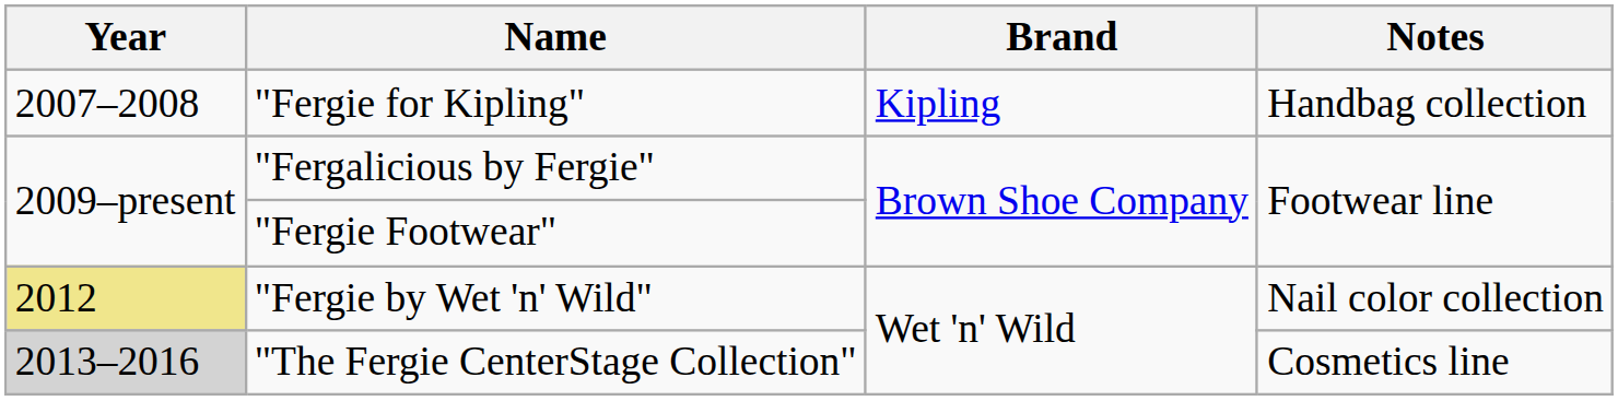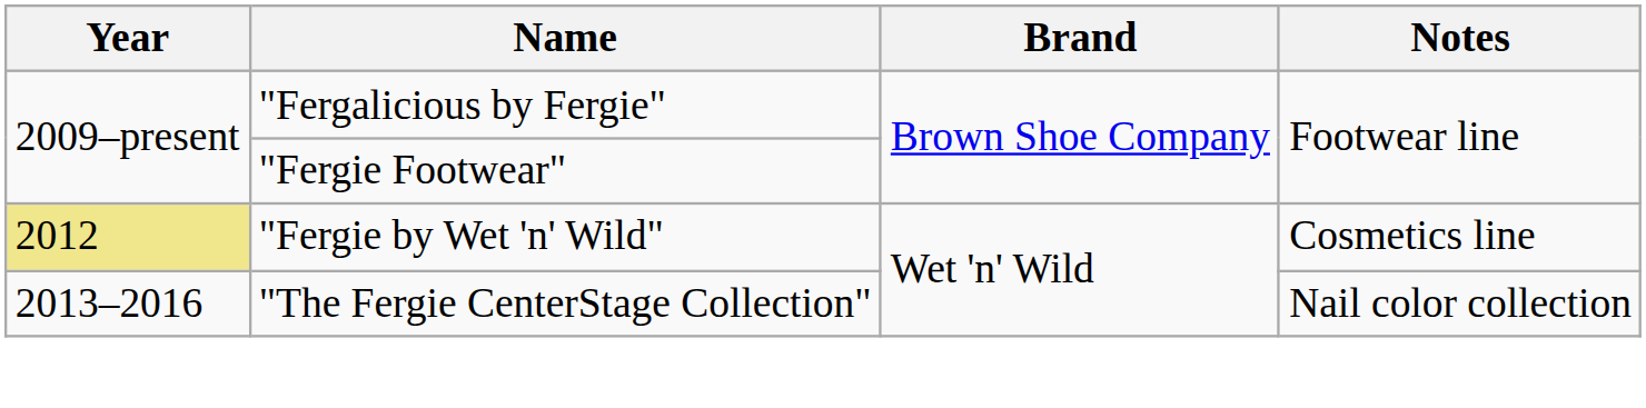 <table class="wikitable">
 <tr>
 <th>Year</th>
 <th>Name</th>
 <th>Brand</th>
 <th>Notes</th>
-</tr>
-<tr>
-<td>2007–2008</td>
-<td>"Fergie for Kipling"</td>
-<td><a href='#'>Kipling</a></td>
-<td>Handbag collection</td>
 </tr>
 <tr>
 <td rowspan="2">2009–present</td>
 <td>"Fergalicious by Fergie"</td>
 <td rowspan="2"><a href='#'>Brown Shoe Company</a></td>
 <td rowspan="2">Footwear line</td>
 </tr>
 <tr>
 <td>"Fergie Footwear"</td>
 </tr>
 <tr>
 <td style="background: khaki;">2012</td>
 <td>"Fergie by Wet 'n' Wild"</td>
 <td rowspan="2">Wet 'n' Wild</td>
+<td>Cosmetics line</td>
+</tr>
+<tr>
+<td>2013–2016</td>
+<td>"The Fergie CenterStage Collection"</td>
 <td>Nail color collection</td>
 </tr>
-<tr>
-<td style="background: lightgrey;">2013–2016</td>
-<td>"The Fergie CenterStage Collection"</td>
-<td>Cosmetics line</td>
-</tr>
 </table>
